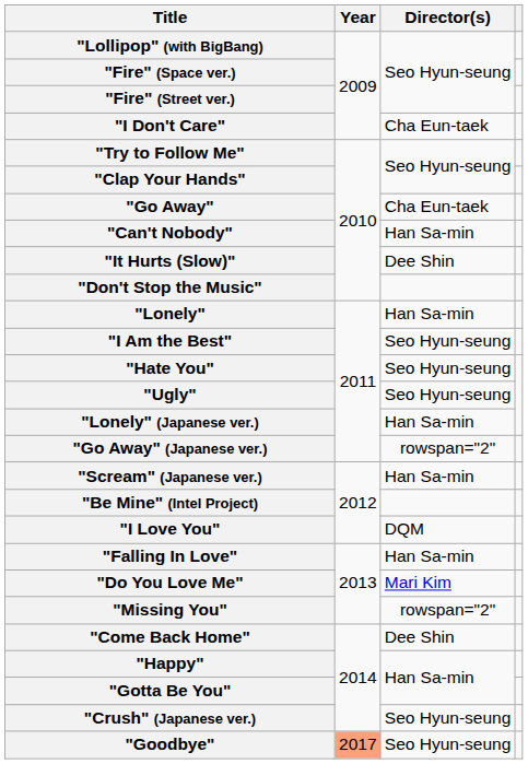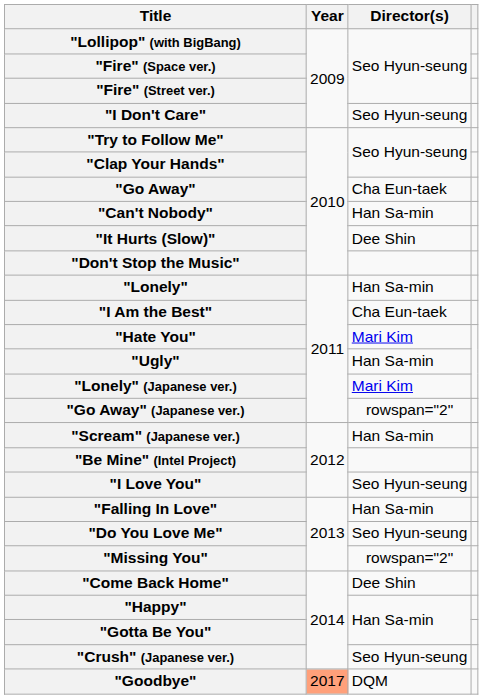 <table class="wikitable plainrowheaders" style="text-align:center;">
 <tr>
 <th scope="col" style="width:19em;">Title</th>
 <th scope="col">Year</th>
 <th scope="col">Director(s)</th>
 <th scope="col"></th>
 </tr>
 <tr>
 <th scope="row">"Lollipop" <small>(with BigBang)</small></th>
 <td rowspan="4" style="text-align:center;">2009</td>
 <td rowspan="3" align="left">Seo Hyun-seung</td>
 <td></td>
 </tr>
 <tr>
 <th scope="row">"Fire" <small>(Space ver.)</small></th>
 <td></td>
 </tr>
 <tr>
 <th scope="row">"Fire" <small>(Street ver.)</small></th>
 <td></td>
 </tr>
 <tr>
 <th scope="row">"I Don't Care"</th>
-<td align="left">Cha Eun-taek</td>
+<td style="text-align:left;">Seo Hyun-seung</td>
 <td></td>
 </tr>
 <tr>
 <th scope="row">"Try to Follow Me"</th>
 <td rowspan="6" style="text-align:center;">2010</td>
 <td rowspan="2" align="left">Seo Hyun-seung</td>
 <td></td>
 </tr>
 <tr>
 <th scope="row">"Clap Your Hands"</th>
 <td></td>
 </tr>
 <tr>
 <th scope="row">"Go Away"</th>
 <td align="left">Cha Eun-taek</td>
 <td></td>
 </tr>
 <tr>
 <th scope="row">"Can't Nobody"</th>
 <td align="left">Han Sa-min</td>
 <td></td>
 </tr>
 <tr>
 <th scope="row">"It Hurts (Slow)"</th>
 <td align="left">Dee Shin</td>
 <td></td>
 </tr>
 <tr>
 <th scope="row">"Don't Stop the Music"</th>
 <td></td>
 <td></td>
 </tr>
 <tr>
 <th scope="row">"Lonely"</th>
 <td rowspan="6">2011</td>
 <td align="left">Han Sa-min</td>
 <td></td>
 </tr>
 <tr>
 <th scope="row">"I Am the Best"</th>
-<td style="text-align:left;">Seo Hyun-seung</td>
+<td align="left">Cha Eun-taek</td>
 <td></td>
 </tr>
 <tr>
 <th scope="row">"Hate You"</th>
-<td align="left">Seo Hyun-seung</td>
+<td align="left"><a href='#'>Mari Kim</a></td>
 <td rowspan="3"></td>
 </tr>
 <tr>
 <th scope="row">"Ugly"</th>
-<td align="left">Seo Hyun-seung</td>
+<td align="left">Han Sa-min</td>
 </tr>
 <tr>
 <th scope="row">"Lonely" <small>(Japanese ver.)</small></th>
-<td align="left">Han Sa-min</td>
+<td align="left"><a href='#'>Mari Kim</a></td>
 </tr>
 <tr>
 <th scope="row">"Go Away" <small>(Japanese ver.)</small></th>
 <td>rowspan="2" </td>
 <td></td>
 </tr>
 <tr>
 <th scope="row">"Scream" <small>(Japanese ver.)</small></th>
 <td rowspan="3">2012</td>
 <td align="left">Han Sa-min</td>
 <td></td>
 </tr>
 <tr>
 <th scope="row">"Be Mine" <small>(Intel Project)</small></th>
 <td></td>
 </tr>
 <tr>
 <th scope="row">"I Love You"</th>
-<td align="left">DQM</td>
+<td align="left">Seo Hyun-seung</td>
 <td></td>
 </tr>
 <tr>
 <th scope="row">"Falling In Love"</th>
 <td rowspan="3">2013</td>
 <td align="left">Han Sa-min</td>
 <td></td>
 </tr>
 <tr>
 <th scope="row">"Do You Love Me"</th>
-<td align="left"><a href='#'>Mari Kim</a></td>
+<td align="left">Seo Hyun-seung</td>
 <td></td>
 </tr>
 <tr>
 <th scope="row">"Missing You"</th>
 <td>rowspan="2" </td>
 <td></td>
 </tr>
 <tr>
 <th scope="row">"Come Back Home"</th>
 <td rowspan="4">2014</td>
 <td align="left">Dee Shin</td>
 <td></td>
 </tr>
 <tr>
 <th scope="row">"Happy"</th>
 <td rowspan="2" align="left">Han Sa-min</td>
 <td></td>
 </tr>
 <tr>
 <th scope="row">"Gotta Be You"</th>
 <td></td>
 </tr>
 <tr>
 <th scope="row">"Crush" <small>(Japanese ver.)</small></th>
 <td align="left">Seo Hyun-seung</td>
 <td></td>
 </tr>
 <tr>
 <th scope="row">"Goodbye"</th>
 <td style="background: lightsalmon;">2017</td>
-<td align="left">Seo Hyun-seung</td>
+<td align="left">DQM</td>
 <td></td>
 </tr>
 </table>
